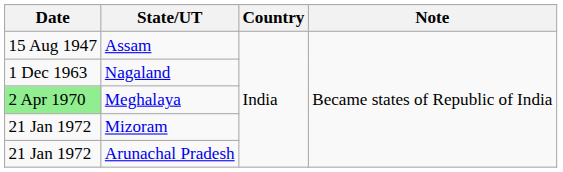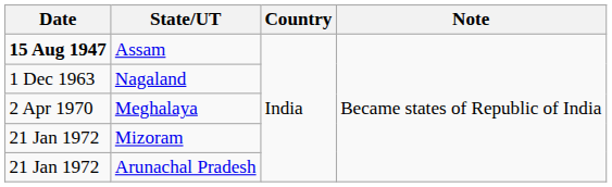 <table class="wikitable">
 <tr>
 <th>Date</th>
 <th>State/UT</th>
 <th>Country</th>
 <th>Note</th>
 </tr>
 <tr>
-<td>15 Aug 1947</td>
+<td><strong>15 Aug 1947</strong></td>
 <td><a href='#'>Assam</a></td>
 <td rowspan="5"> India</td>
 <td rowspan="5">Became states of Republic of India</td>
 </tr>
 <tr>
 <td>1 Dec 1963</td>
 <td><a href='#'>Nagaland</a></td>
 </tr>
 <tr>
-<td style="background: lightgreen;">2 Apr 1970</td>
+<td>2 Apr 1970</td>
 <td><a href='#'>Meghalaya</a></td>
 </tr>
 <tr>
 <td>21 Jan 1972</td>
 <td><a href='#'>Mizoram</a></td>
 </tr>
 <tr>
 <td>21 Jan 1972</td>
 <td><a href='#'>Arunachal Pradesh</a></td>
 </tr>
 </table>
